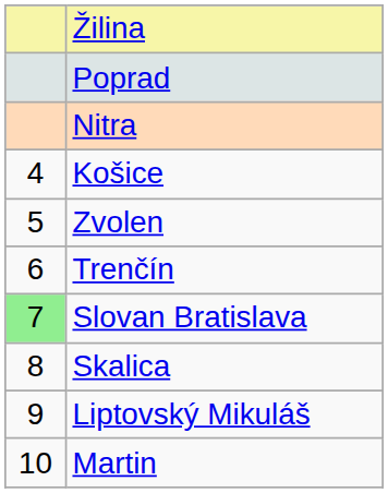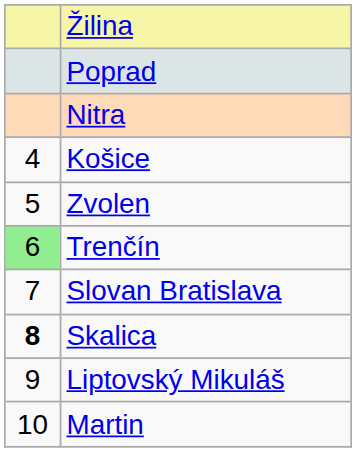 <table class="wikitable" style="width:200px;">
 <tr style="background:#F7F6A8;">
 <td align=center></td>
 <td><a href='#'>Žilina</a></td>
 </tr>
 <tr style="background:#DCE5E5;">
 <td align=center></td>
 <td><a href='#'>Poprad</a></td>
 </tr>
 <tr style="background:#FFDAB9;">
 <td align=center></td>
 <td><a href='#'>Nitra</a></td>
 </tr>
 <tr>
 <td align=center>4</td>
 <td><a href='#'>Košice</a></td>
 </tr>
 <tr>
 <td align=center>5</td>
 <td><a href='#'>Zvolen</a></td>
 </tr>
 <tr>
-<td align=center>6</td>
+<td align=center style="background: lightgreen;">6</td>
 <td><a href='#'>Trenčín</a></td>
 </tr>
 <tr>
-<td align=center style="background: lightgreen;">7</td>
+<td align=center>7</td>
 <td><a href='#'>Slovan Bratislava</a></td>
 </tr>
 <tr>
-<td align=center>8</td>
+<td align=center><strong>8</strong></td>
 <td><a href='#'>Skalica</a></td>
 </tr>
 <tr>
 <td align=center>9</td>
 <td><a href='#'>Liptovský Mikuláš</a></td>
 </tr>
 <tr>
 <td align=center>10</td>
 <td><a href='#'>Martin</a></td>
 </tr>
 </table>
